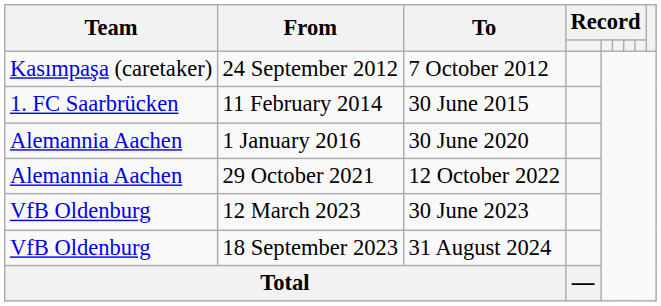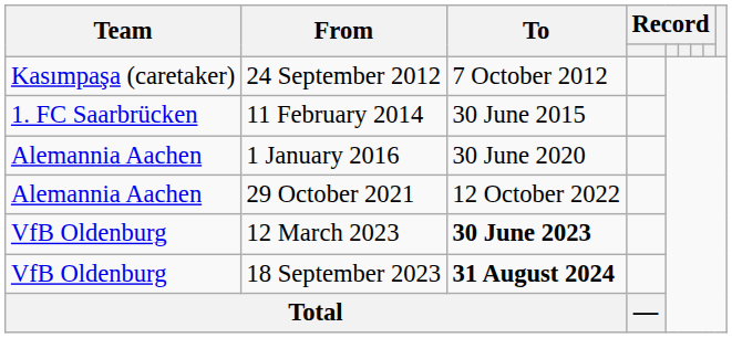 <table class="wikitable" style="text-align: center">
 <tr>
 <th rowspan="2">Team</th>
 <th rowspan="2">From</th>
 <th rowspan="2">To</th>
 <th colspan="5">Record</th>
 <th rowspan="2"></th>
 </tr>
 <tr>
 <th></th>
 <th></th>
 <th></th>
 <th></th>
 <th></th>
 </tr>
 <tr>
 <td align=left><a href='#'>Kasımpaşa</a> (caretaker)</td>
 <td align=left>24 September 2012</td>
 <td align=left>7 October 2012<br></td>
 <td></td>
 </tr>
 <tr>
 <td align=left><a href='#'>1. FC Saarbrücken</a></td>
 <td align=left>11 February 2014</td>
 <td align=left>30 June 2015<br></td>
 <td></td>
 </tr>
 <tr>
 <td align=left><a href='#'>Alemannia Aachen</a></td>
 <td align=left>1 January 2016</td>
 <td align=left>30 June 2020<br></td>
 <td></td>
 </tr>
 <tr>
 <td align=left><a href='#'>Alemannia Aachen</a></td>
 <td align=left>29 October 2021</td>
 <td align=left>12 October 2022<br></td>
 <td></td>
 </tr>
 <tr>
 <td align=left><a href='#'>VfB Oldenburg</a></td>
 <td align=left>12 March 2023</td>
-<td align=left>30 June 2023<br></td>
+<td align=left><strong>30 June 2023<br></strong></td>
 <td></td>
 </tr>
 <tr>
 <td align=left><a href='#'>VfB Oldenburg</a></td>
 <td align=left>18 September 2023</td>
-<td align=left>31 August 2024<br></td>
+<td align=left><strong>31 August 2024<br></strong></td>
 <td></td>
 </tr>
 <tr>
 <th colspan="3">Total<br></th>
 <th>—</th>
 </tr>
 </table>
